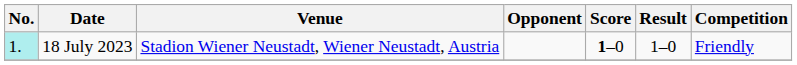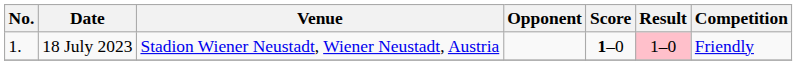 <table class="wikitable">
 <tr>
 <th>No.</th>
 <th>Date</th>
 <th>Venue</th>
 <th>Opponent</th>
 <th>Score</th>
 <th>Result</th>
 <th>Competition</th>
 </tr>
 <tr>
-<td style="background: paleturquoise;">1.</td>
+<td>1.</td>
 <td>18 July 2023</td>
 <td><a href='#'>Stadion Wiener Neustadt</a>, <a href='#'>Wiener Neustadt</a>, <a href='#'>Austria</a></td>
 <td></td>
 <td align=center><strong>1</strong>–0</td>
-<td align=center>1–0</td>
+<td align=center style="background: pink;">1–0</td>
 <td><a href='#'>Friendly</a></td>
 </tr>
 <tr>
 </tr>
 </table>
